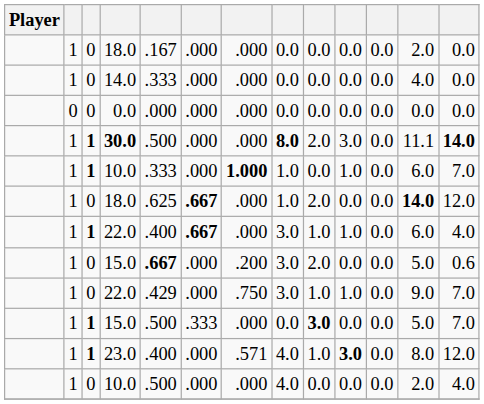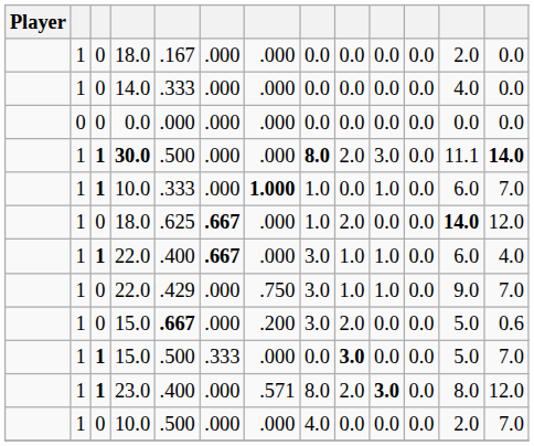 <table class="wikitable sortable" style="font-size:95%; text-align:right;">
 <tr>
 <th>Player</th>
 <th></th>
 <th></th>
 <th></th>
 <th></th>
 <th></th>
 <th></th>
 <th></th>
 <th></th>
 <th></th>
 <th></th>
 <th></th>
 <th></th>
 </tr>
 <tr>
 <td><strong></strong></td>
 <td>1</td>
 <td>0</td>
 <td>18.0</td>
 <td>.167</td>
 <td>.000</td>
 <td>.000</td>
 <td>0.0</td>
 <td>0.0</td>
 <td>0.0</td>
 <td>0.0</td>
 <td>2.0</td>
 <td>0.0</td>
 </tr>
 <tr>
 <td><strong></strong></td>
 <td>1</td>
 <td>0</td>
 <td>14.0</td>
 <td>.333</td>
 <td>.000</td>
 <td>.000</td>
 <td>0.0</td>
 <td>0.0</td>
 <td>0.0</td>
 <td>0.0</td>
 <td>4.0</td>
 <td>0.0</td>
 </tr>
 <tr>
 <td><strong></strong></td>
 <td>0</td>
 <td>0</td>
 <td>0.0</td>
 <td>.000</td>
 <td>.000</td>
 <td>.000</td>
 <td>0.0</td>
 <td>0.0</td>
 <td>0.0</td>
 <td>0.0</td>
 <td>0.0</td>
 <td>0.0</td>
 </tr>
 <tr>
 <td><strong></strong></td>
 <td>1</td>
 <td><strong>1</strong></td>
 <td><strong>30.0</strong></td>
 <td>.500</td>
 <td>.000</td>
 <td>.000</td>
 <td><strong>8.0</strong></td>
 <td>2.0</td>
 <td>3.0</td>
 <td>0.0</td>
 <td>11.1</td>
 <td><strong>14.0</strong></td>
 </tr>
 <tr>
 <td><strong></strong></td>
 <td>1</td>
 <td><strong>1</strong></td>
 <td>10.0</td>
 <td>.333</td>
 <td>.000</td>
 <td><strong>1.000</strong></td>
 <td>1.0</td>
 <td>0.0</td>
 <td>1.0</td>
 <td>0.0</td>
 <td>6.0</td>
 <td>7.0</td>
 </tr>
 <tr>
 <td><strong></strong></td>
 <td>1</td>
 <td>0</td>
 <td>18.0</td>
 <td>.625</td>
 <td><strong>.667</strong></td>
 <td>.000</td>
 <td>1.0</td>
 <td>2.0</td>
 <td>0.0</td>
 <td>0.0</td>
 <td><strong>14.0</strong></td>
 <td>12.0</td>
 </tr>
 <tr>
 <td><strong></strong></td>
 <td>1</td>
 <td><strong>1</strong></td>
 <td>22.0</td>
 <td>.400</td>
 <td><strong>.667</strong></td>
 <td>.000</td>
 <td>3.0</td>
 <td>1.0</td>
 <td>1.0</td>
 <td>0.0</td>
 <td>6.0</td>
 <td>4.0</td>
 </tr>
 <tr>
 <td><strong></strong></td>
 <td>1</td>
 <td>0</td>
+<td>22.0</td>
+<td>.429</td>
+<td>.000</td>
+<td>.750</td>
+<td>3.0</td>
+<td>1.0</td>
+<td>1.0</td>
+<td>0.0</td>
+<td>9.0</td>
+<td>7.0</td>
+</tr>
+<tr>
+<td><strong></strong></td>
+<td>1</td>
+<td>0</td>
 <td>15.0</td>
 <td><strong>.667</strong></td>
 <td>.000</td>
 <td>.200</td>
 <td>3.0</td>
 <td>2.0</td>
 <td>0.0</td>
 <td>0.0</td>
 <td>5.0</td>
 <td>0.6</td>
-</tr>
-<tr>
-<td><strong></strong></td>
-<td>1</td>
-<td>0</td>
-<td>22.0</td>
-<td>.429</td>
-<td>.000</td>
-<td>.750</td>
-<td>3.0</td>
-<td>1.0</td>
-<td>1.0</td>
-<td>0.0</td>
-<td>9.0</td>
-<td>7.0</td>
 </tr>
 <tr>
 <td><strong></strong></td>
 <td>1</td>
 <td><strong>1</strong></td>
 <td>15.0</td>
 <td>.500</td>
 <td>.333</td>
 <td>.000</td>
 <td>0.0</td>
 <td><strong>3.0</strong></td>
 <td>0.0</td>
 <td>0.0</td>
 <td>5.0</td>
 <td>7.0</td>
 </tr>
 <tr>
 <td><strong></strong></td>
 <td>1</td>
 <td><strong>1</strong></td>
 <td>23.0</td>
 <td>.400</td>
 <td>.000</td>
 <td>.571</td>
-<td>4.0</td>
-<td>1.0</td>
+<td>8.0</td>
+<td>2.0</td>
 <td><strong>3.0</strong></td>
 <td>0.0</td>
 <td>8.0</td>
 <td>12.0</td>
 </tr>
 <tr>
 <td><strong></strong></td>
 <td>1</td>
 <td>0</td>
 <td>10.0</td>
 <td>.500</td>
 <td>.000</td>
 <td>.000</td>
 <td>4.0</td>
 <td>0.0</td>
 <td>0.0</td>
 <td>0.0</td>
 <td>2.0</td>
-<td>4.0</td>
+<td>7.0</td>
 </tr>
 <tr>
 </tr>
 </table>
